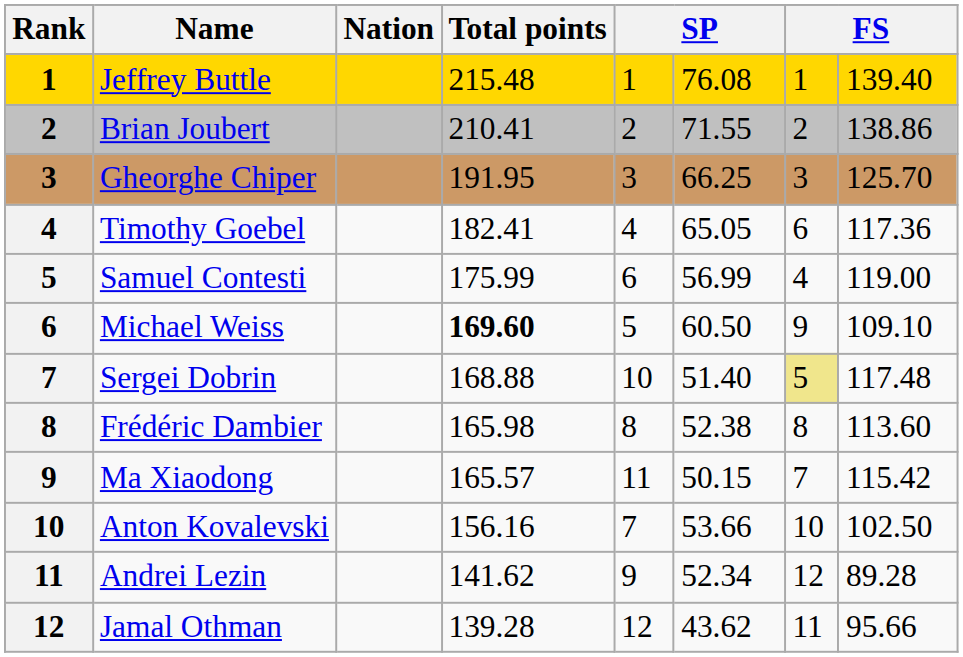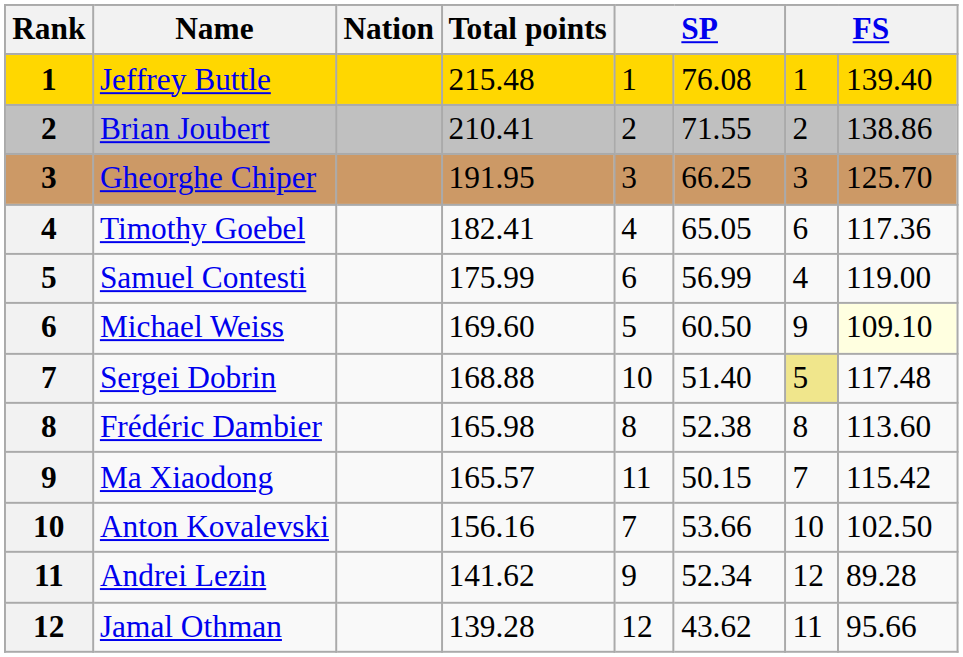 <table class="wikitable">
 <tr>
 <th>Rank</th>
 <th>Name</th>
 <th>Nation</th>
 <th>Total points</th>
 <th colspan="2" width="80px"><a href='#'>SP</a></th>
 <th colspan="2" width="80px"><a href='#'>FS</a></th>
 </tr>
 <tr bgcolor="gold">
 <td align="center"><strong>1</strong></td>
 <td><a href='#'>Jeffrey Buttle</a></td>
 <td></td>
 <td>215.48</td>
 <td>1</td>
 <td>76.08</td>
 <td>1</td>
 <td>139.40</td>
 </tr>
 <tr bgcolor="silver">
 <td align="center"><strong>2</strong></td>
 <td><a href='#'>Brian Joubert</a></td>
 <td></td>
 <td>210.41</td>
 <td>2</td>
 <td>71.55</td>
 <td>2</td>
 <td>138.86</td>
 </tr>
 <tr bgcolor="cc9966">
 <td align="center"><strong>3</strong></td>
 <td><a href='#'>Gheorghe Chiper</a></td>
 <td></td>
 <td>191.95</td>
 <td>3</td>
 <td>66.25</td>
 <td>3</td>
 <td>125.70</td>
 </tr>
 <tr>
 <th>4</th>
 <td><a href='#'>Timothy Goebel</a></td>
 <td></td>
 <td>182.41</td>
 <td>4</td>
 <td>65.05</td>
 <td>6</td>
 <td>117.36</td>
 </tr>
 <tr>
 <th>5</th>
 <td><a href='#'>Samuel Contesti</a></td>
 <td></td>
 <td>175.99</td>
 <td>6</td>
 <td>56.99</td>
 <td>4</td>
 <td>119.00</td>
 </tr>
 <tr>
 <th>6</th>
 <td><a href='#'>Michael Weiss</a></td>
 <td></td>
-<td><strong>169.60</strong></td>
+<td>169.60</td>
 <td>5</td>
 <td>60.50</td>
 <td>9</td>
-<td>109.10</td>
+<td style="background: lightyellow;">109.10</td>
 </tr>
 <tr>
 <th>7</th>
 <td><a href='#'>Sergei Dobrin</a></td>
 <td></td>
 <td>168.88</td>
 <td>10</td>
 <td>51.40</td>
 <td style="background: khaki;">5</td>
 <td>117.48</td>
 </tr>
 <tr>
 <th>8</th>
 <td><a href='#'>Frédéric Dambier</a></td>
 <td></td>
 <td>165.98</td>
 <td>8</td>
 <td>52.38</td>
 <td>8</td>
 <td>113.60</td>
 </tr>
 <tr>
 <th>9</th>
 <td><a href='#'>Ma Xiaodong</a></td>
 <td></td>
 <td>165.57</td>
 <td>11</td>
 <td>50.15</td>
 <td>7</td>
 <td>115.42</td>
 </tr>
 <tr>
 <th>10</th>
 <td><a href='#'>Anton Kovalevski</a></td>
 <td></td>
 <td>156.16</td>
 <td>7</td>
 <td>53.66</td>
 <td>10</td>
 <td>102.50</td>
 </tr>
 <tr>
 <th>11</th>
 <td><a href='#'>Andrei Lezin</a></td>
 <td></td>
 <td>141.62</td>
 <td>9</td>
 <td>52.34</td>
 <td>12</td>
 <td>89.28</td>
 </tr>
 <tr>
 <th>12</th>
 <td><a href='#'>Jamal Othman</a></td>
 <td></td>
 <td>139.28</td>
 <td>12</td>
 <td>43.62</td>
 <td>11</td>
 <td>95.66</td>
 </tr>
 </table>
